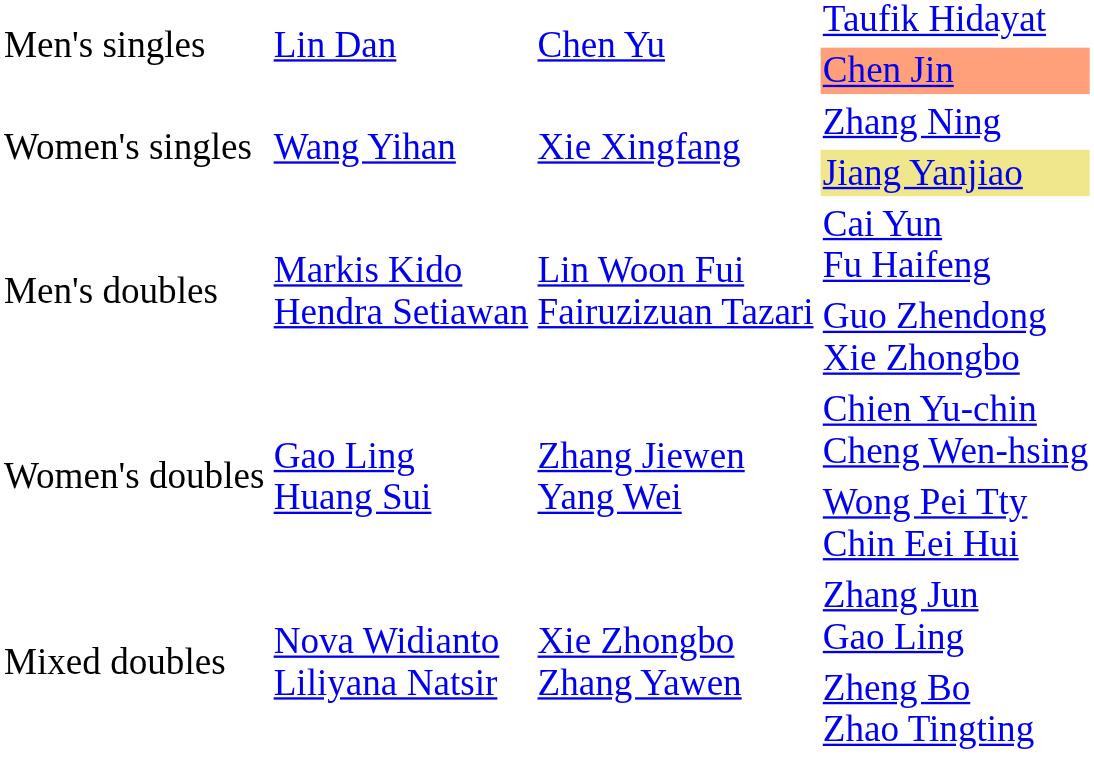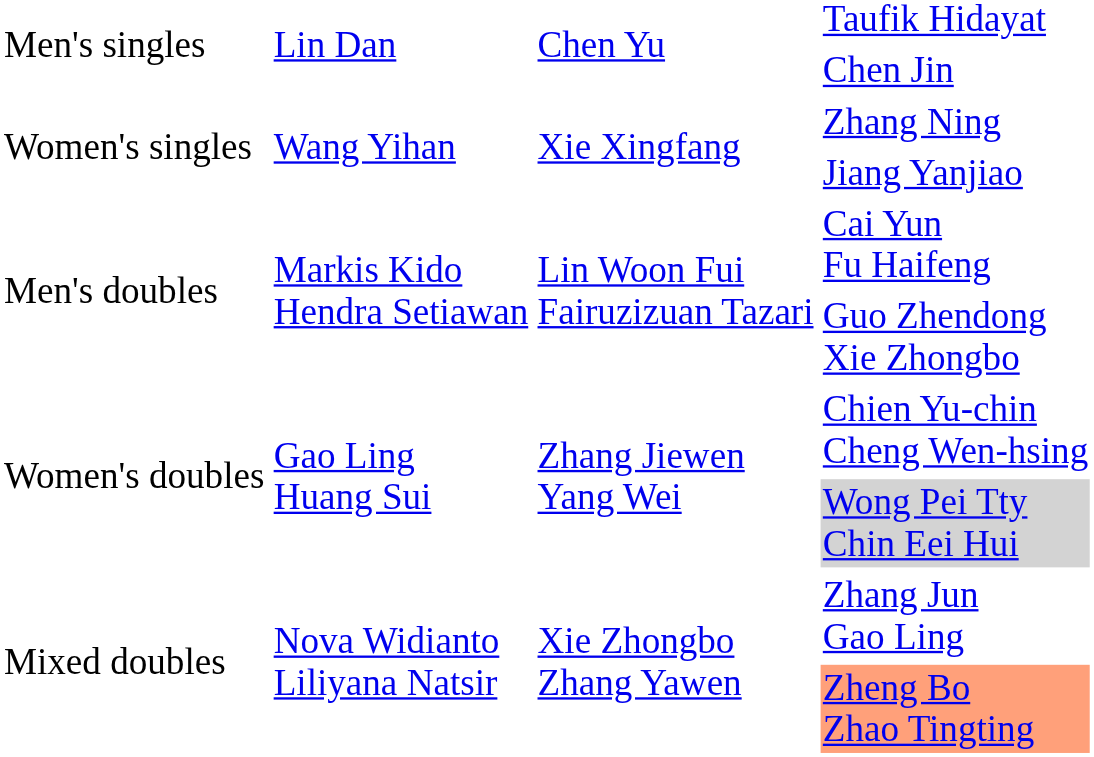 <table>
 <tr>
 <td rowspan=2>Men's singles</td>
 <td rowspan=2> <a href='#'>Lin Dan</a></td>
 <td rowspan=2> <a href='#'>Chen Yu</a></td>
 <td> <a href='#'>Taufik Hidayat</a></td>
 </tr>
 <tr>
-<td style="background: lightsalmon;"> <a href='#'>Chen Jin</a></td>
+<td> <a href='#'>Chen Jin</a></td>
 </tr>
 <tr>
 <td rowspan=2>Women's singles</td>
 <td rowspan=2> <a href='#'>Wang Yihan</a></td>
 <td rowspan=2> <a href='#'>Xie Xingfang</a></td>
 <td> <a href='#'>Zhang Ning</a></td>
 </tr>
 <tr>
-<td style="background: khaki;"> <a href='#'>Jiang Yanjiao</a></td>
+<td> <a href='#'>Jiang Yanjiao</a></td>
 </tr>
 <tr>
 <td rowspan=2>Men's doubles</td>
 <td rowspan=2> <a href='#'>Markis Kido</a><br> <a href='#'>Hendra Setiawan</a></td>
 <td rowspan=2> <a href='#'>Lin Woon Fui</a><br> <a href='#'>Fairuzizuan Tazari</a></td>
 <td> <a href='#'>Cai Yun</a><br> <a href='#'>Fu Haifeng</a></td>
 </tr>
 <tr>
 <td> <a href='#'>Guo Zhendong</a><br> <a href='#'>Xie Zhongbo</a></td>
 </tr>
 <tr>
 <td rowspan=2>Women's doubles</td>
 <td rowspan=2> <a href='#'>Gao Ling</a><br> <a href='#'>Huang Sui</a></td>
 <td rowspan=2> <a href='#'>Zhang Jiewen</a><br> <a href='#'>Yang Wei</a></td>
 <td> <a href='#'>Chien Yu-chin</a><br> <a href='#'>Cheng Wen-hsing</a></td>
 </tr>
 <tr>
-<td> <a href='#'>Wong Pei Tty</a><br> <a href='#'>Chin Eei Hui</a></td>
+<td style="background: lightgrey;"> <a href='#'>Wong Pei Tty</a><br> <a href='#'>Chin Eei Hui</a></td>
 </tr>
 <tr>
 <td rowspan=2>Mixed doubles</td>
 <td rowspan=2> <a href='#'>Nova Widianto</a><br> <a href='#'>Liliyana Natsir</a></td>
 <td rowspan=2> <a href='#'>Xie Zhongbo</a><br> <a href='#'>Zhang Yawen</a></td>
 <td> <a href='#'>Zhang Jun</a><br> <a href='#'>Gao Ling</a></td>
 </tr>
 <tr>
-<td> <a href='#'>Zheng Bo</a><br> <a href='#'>Zhao Tingting</a></td>
+<td style="background: lightsalmon;"> <a href='#'>Zheng Bo</a><br> <a href='#'>Zhao Tingting</a></td>
 </tr>
 </table>
